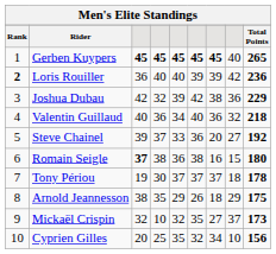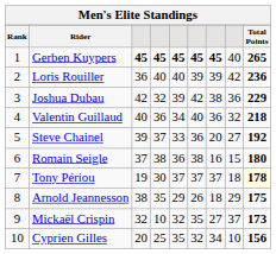 <table class="wikitable sortable">
 <tr>
 <th colspan=27 align="center">Men's Elite Standings</th>
 </tr>
 <tr>
 </tr>
 <tr style="font-size:8pt;font-weight:bold">
 <th align="center">Rank</th>
 <th align="center">Rider</th>
 <th class=unsortable style="background:#E5E4E2;"><small></small></th>
 <th class=unsortable style="background:#E5E4E2;"><small></small></th>
 <th class=unsortable style="background:#E5E4E2;"><small></small></th>
 <th class=unsortable style="background:#E5E4E2;"><small></small></th>
 <th class=unsortable style="background:#E5E4E2;"><small></small></th>
 <th class=unsortable style="background:#E5E4E2;"><small></small></th>
 <th align="center">Total<br>Points</th>
 </tr>
 <tr>
 <td align=center>1</td>
 <td> <a href='#'>Gerben Kuypers</a></td>
 <td align=center><strong>45</strong></td>
 <td align=center><strong>45</strong></td>
 <td align=center><strong>45</strong></td>
 <td align=center><strong>45</strong></td>
 <td align=center><strong>45</strong></td>
 <td align=center>40</td>
 <td align=center><strong>265</strong></td>
 </tr>
 <tr>
-<td align=center><strong>2</strong></td>
+<td align=center>2</td>
 <td> <a href='#'>Loris Rouiller</a></td>
 <td align=center>36</td>
 <td align=center>40</td>
 <td align=center>40</td>
 <td align=center>39</td>
 <td align=center>39</td>
 <td align=center>42</td>
 <td align=center><strong>236</strong></td>
 </tr>
 <tr>
 <td align=center>3</td>
 <td> <a href='#'>Joshua Dubau</a></td>
 <td align=center>42</td>
 <td align=center>32</td>
 <td align=center>39</td>
 <td align=center>42</td>
 <td align=center>38</td>
 <td align=center>36</td>
 <td align=center><strong>229</strong></td>
 </tr>
 <tr>
 <td align=center>4</td>
 <td> <a href='#'>Valentin Guillaud</a></td>
 <td align=center>40</td>
 <td align=center>36</td>
 <td align=center>34</td>
 <td align=center>40</td>
 <td align=center>36</td>
 <td align=center>32</td>
 <td align=center><strong>218</strong></td>
 </tr>
 <tr>
 <td align=center>5</td>
 <td> <a href='#'>Steve Chainel</a></td>
 <td align=center>39</td>
 <td align=center>37</td>
 <td align=center>33</td>
 <td align=center>36</td>
 <td align=center>20</td>
 <td align=center>27</td>
 <td align=center><strong>192</strong></td>
 </tr>
 <tr>
 <td align=center>6</td>
 <td> <a href='#'>Romain Seigle</a></td>
-<td align=center><strong>37</strong></td>
+<td align=center>37</td>
 <td align=center>38</td>
 <td align=center>36</td>
 <td align=center>38</td>
 <td align=center>16</td>
 <td align=center>15</td>
 <td align=center><strong>180</strong></td>
 </tr>
 <tr>
 <td align=center>7</td>
 <td> <a href='#'>Tony Périou</a></td>
 <td align=center>19</td>
 <td align=center>30</td>
 <td align=center>37</td>
 <td align=center>37</td>
 <td align=center>37</td>
 <td align=center>18</td>
-<td align=center><strong>178</strong></td>
+<td align=center style="background: lightyellow;"><strong>178</strong></td>
 </tr>
 <tr>
 <td align=center>8</td>
 <td> <a href='#'>Arnold Jeannesson</a></td>
 <td align=center>38</td>
 <td align=center>35</td>
 <td align=center>29</td>
 <td align=center>26</td>
 <td align=center>18</td>
 <td align=center>29</td>
 <td align=center><strong>175</strong></td>
 </tr>
 <tr>
 <td align=center>9</td>
 <td> <a href='#'>Mickaël Crispin</a></td>
 <td align=center>32</td>
 <td align=center>10</td>
 <td align=center>32</td>
 <td align=center>35</td>
 <td align=center>27</td>
 <td align=center>37</td>
 <td align=center><strong>173</strong></td>
 </tr>
 <tr>
 <td align=center>10</td>
 <td> <a href='#'>Cyprien Gilles</a></td>
 <td align=center>20</td>
 <td align=center>25</td>
 <td align=center>35</td>
 <td align=center>32</td>
 <td align=center>34</td>
 <td align=center>10</td>
 <td align=center><strong>156</strong></td>
 </tr>
 </table>
